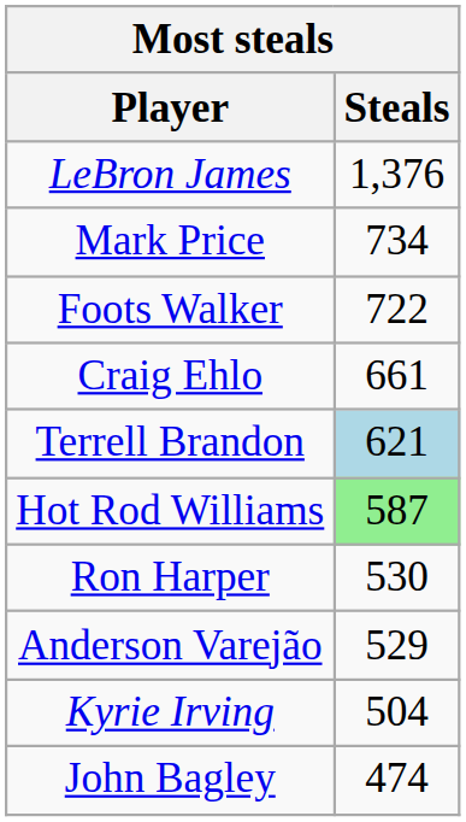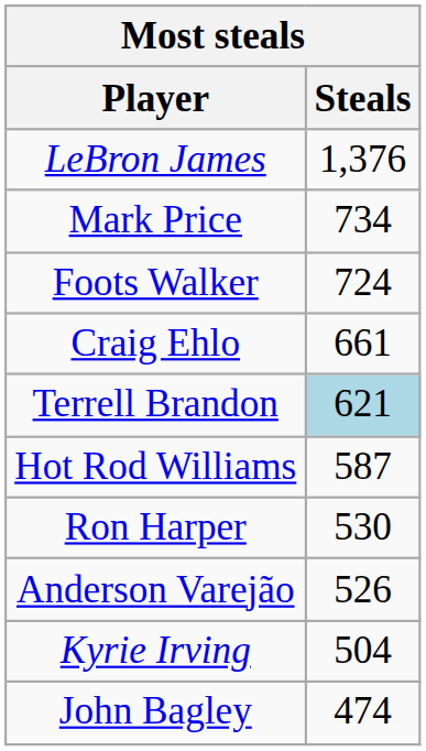 <table class="wikitable sortable" style="text-align:center">
 <tr>
 <th colspan="2" style="text-align:center; ">Most steals</th>
 </tr>
 <tr>
 <th style="text-align:center; ">Player</th>
 <th style="text-align:center; ">Steals</th>
 </tr>
 <tr>
 <td><em><a href='#'>LeBron James</a></em></td>
 <td>1,376</td>
 </tr>
 <tr>
 <td><a href='#'>Mark Price</a></td>
 <td>734</td>
 </tr>
 <tr>
 <td><a href='#'>Foots Walker</a></td>
-<td>722</td>
+<td>724</td>
 </tr>
 <tr>
 <td><a href='#'>Craig Ehlo</a></td>
 <td>661</td>
 </tr>
 <tr>
 <td><a href='#'>Terrell Brandon</a></td>
 <td style="background: lightblue;">621</td>
 </tr>
 <tr>
 <td><a href='#'>Hot Rod Williams</a></td>
-<td style="background: lightgreen;">587</td>
+<td>587</td>
 </tr>
 <tr>
 <td><a href='#'>Ron Harper</a></td>
 <td>530</td>
 </tr>
 <tr>
 <td><a href='#'>Anderson Varejão</a></td>
-<td>529</td>
+<td>526</td>
 </tr>
 <tr>
 <td><em><a href='#'>Kyrie Irving</a></em></td>
 <td>504</td>
 </tr>
 <tr>
 <td><a href='#'>John Bagley</a></td>
 <td>474</td>
 </tr>
 </table>
